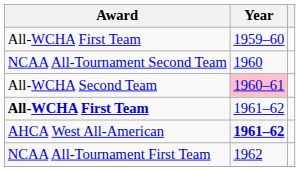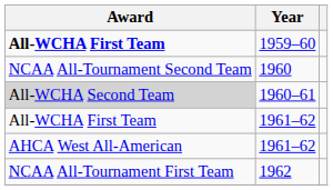 <table class="wikitable">
 <tr>
 <th>Award</th>
 <th>Year</th>
 <th></th>
 </tr>
 <tr>
-<td>All-<a href='#'>WCHA</a> <a href='#'>First Team</a></td>
+<td><strong>All-<a href='#'>WCHA</a> <a href='#'>First Team</a></strong></td>
 <td><a href='#'>1959–60</a></td>
 <td></td>
 </tr>
 <tr>
 <td><a href='#'>NCAA</a> <a href='#'>All-Tournament Second Team</a></td>
 <td><a href='#'>1960</a></td>
 <td></td>
 </tr>
 <tr>
-<td>All-<a href='#'>WCHA</a> <a href='#'>Second Team</a></td>
-<td style="background: pink;"><a href='#'>1960–61</a></td>
+<td style="background: lightgrey;">All-<a href='#'>WCHA</a> <a href='#'>Second Team</a></td>
+<td><a href='#'>1960–61</a></td>
 <td></td>
 </tr>
 <tr>
-<td><strong>All-<a href='#'>WCHA</a> <a href='#'>First Team</a></strong></td>
+<td>All-<a href='#'>WCHA</a> <a href='#'>First Team</a></td>
 <td><a href='#'>1961–62</a></td>
 <td></td>
 </tr>
 <tr>
 <td><a href='#'>AHCA</a> <a href='#'>West All-American</a></td>
-<td><strong><a href='#'>1961–62</a></strong></td>
+<td><a href='#'>1961–62</a></td>
 <td></td>
 </tr>
 <tr>
 <td><a href='#'>NCAA</a> <a href='#'>All-Tournament First Team</a></td>
 <td><a href='#'>1962</a></td>
 <td></td>
 </tr>
 <tr>
 </tr>
 </table>
